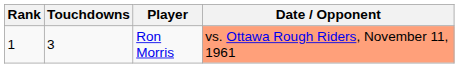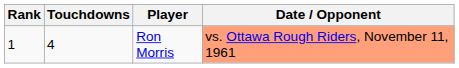 <table class="wikitable" style="width:60%;">
 <tr>
 <th>Rank</th>
 <th>Touchdowns</th>
 <th>Player</th>
 <th>Date / Opponent</th>
 </tr>
 <tr>
 <td>1</td>
-<td>3</td>
+<td>4</td>
 <td><a href='#'>Ron Morris</a></td>
 <td style="background: lightsalmon;">vs. <a href='#'>Ottawa Rough Riders</a>, November 11, 1961</td>
 </tr>
 </table>
